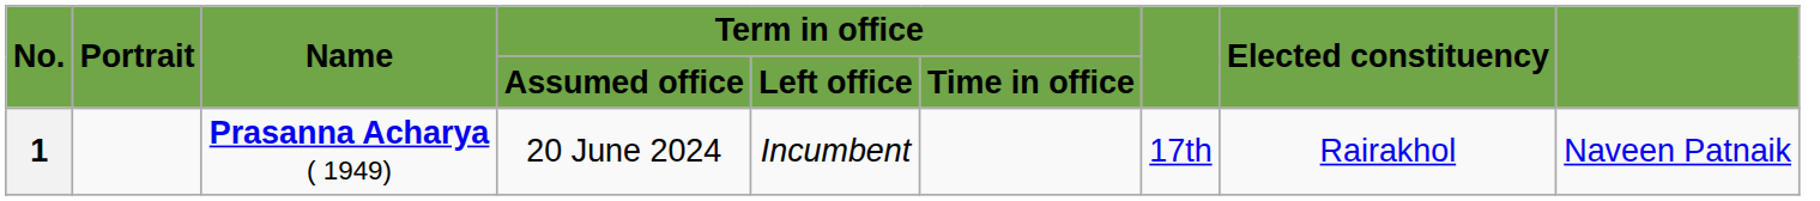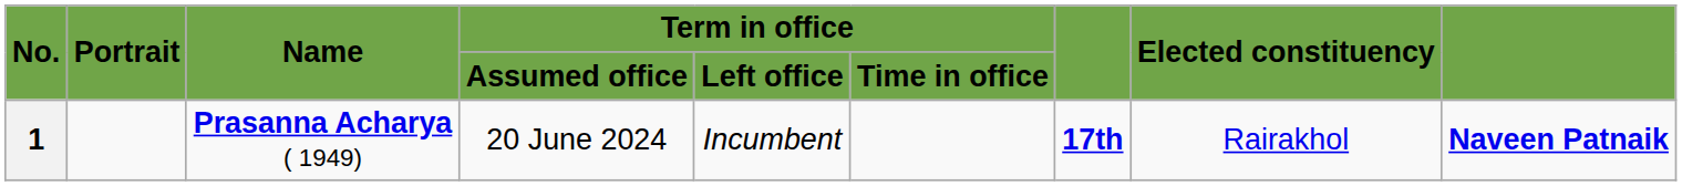 <table class="wikitable sortable" style="text-align:center;">
 <tr>
 <th rowspan=2 style="background-color:#70A548;color:black">No.</th>
 <th rowspan=2 style="background-color:#70A548;color:black">Portrait</th>
 <th rowspan=2 style="background-color:#70A548;color:black">Name<br></th>
 <th colspan=3 style="background-color:#70A548;color:black">Term in office</th>
 <th rowspan=2 style="background-color:#70A548;color:black"><a href='#'></a><br></th>
 <th rowspan=2 style="background-color:#70A548;color:black">Elected constituency</th>
 <th rowspan=2 style="background-color:#70A548;color:black"><a href='#'></a></th>
 </tr>
 <tr>
 <th style="background-color:#70A548;color:black">Assumed office</th>
 <th style="background-color:#70A548;color:black">Left office</th>
 <th style="background-color:#70A548;color:black">Time in office</th>
 </tr>
 <tr>
 <th>1</th>
 <td></td>
 <td><strong><a href='#'>Prasanna Acharya</a></strong><br><small>( 1949)</small></td>
 <td>20 June 2024</td>
 <td><em>Incumbent</em></td>
 <td></td>
-<td><a href='#'>17th</a><br></td>
+<td><strong><a href='#'>17th</a><br></strong></td>
 <td><a href='#'>Rairakhol</a></td>
-<td><a href='#'>Naveen Patnaik</a></td>
+<td><strong><a href='#'>Naveen Patnaik</a></strong></td>
 </tr>
 </table>
